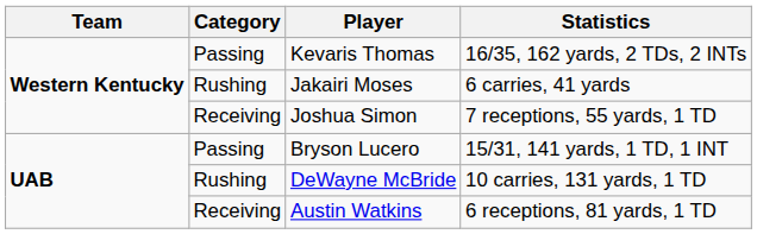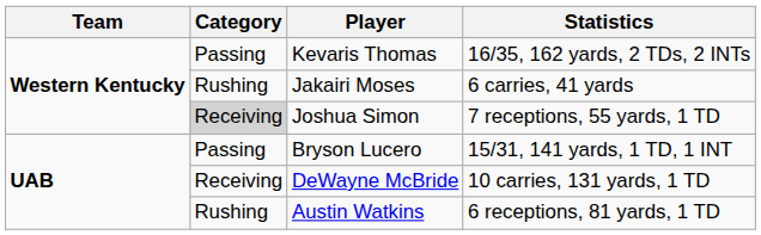 <table class="wikitable" style="float: left;">
 <tr>
 <th>Team</th>
 <th>Category</th>
 <th>Player</th>
 <th>Statistics</th>
 </tr>
 <tr>
 <td rowspan=3><strong>Western Kentucky</strong></td>
 <td>Passing</td>
 <td>Kevaris Thomas</td>
 <td>16/35, 162 yards, 2 TDs, 2 INTs</td>
 </tr>
 <tr>
 <td>Rushing</td>
 <td>Jakairi Moses</td>
 <td>6 carries, 41 yards</td>
 </tr>
 <tr>
-<td>Receiving</td>
+<td style="background: lightgrey;">Receiving</td>
 <td>Joshua Simon</td>
 <td>7 receptions, 55 yards, 1 TD</td>
 </tr>
 <tr>
 <td rowspan=3><strong>UAB</strong></td>
 <td>Passing</td>
 <td>Bryson Lucero</td>
 <td>15/31, 141 yards, 1 TD, 1 INT</td>
 </tr>
 <tr>
-<td>Rushing</td>
+<td>Receiving</td>
 <td><a href='#'>DeWayne McBride</a></td>
 <td>10 carries, 131 yards, 1 TD</td>
 </tr>
 <tr>
-<td>Receiving</td>
+<td>Rushing</td>
 <td><a href='#'>Austin Watkins</a></td>
 <td>6 receptions, 81 yards, 1 TD</td>
 </tr>
 </table>
